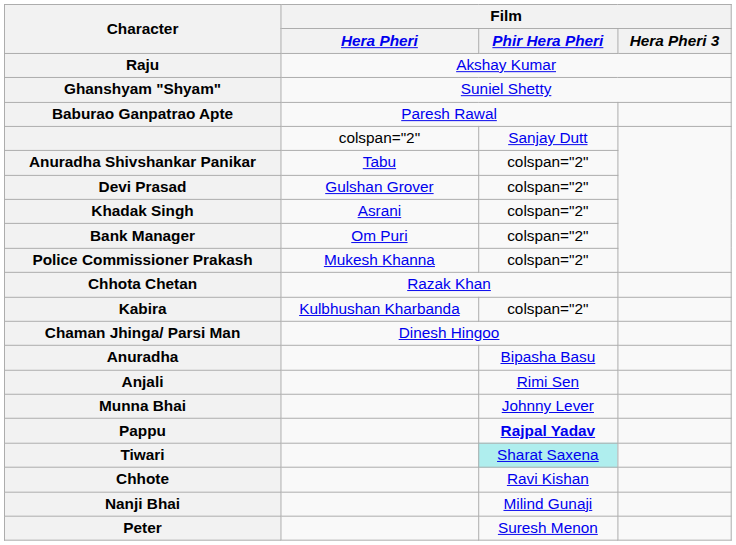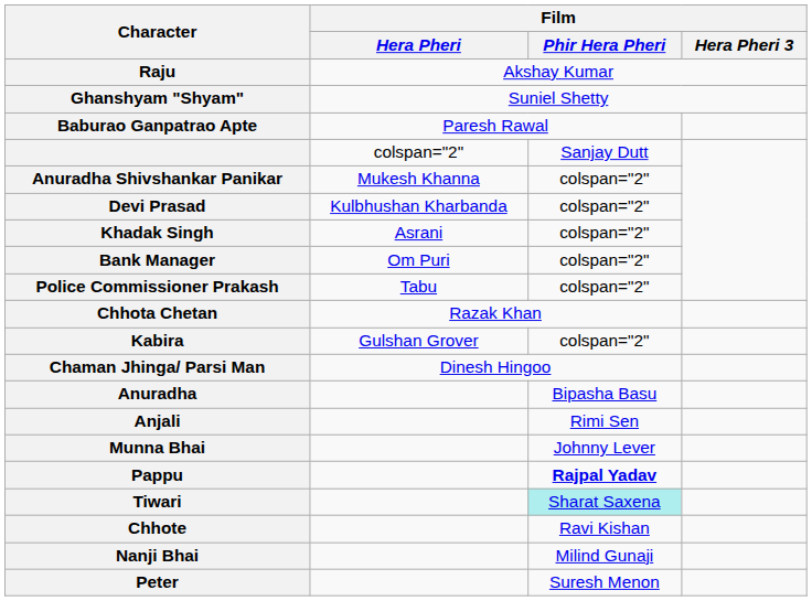 <table class="wikitable" style="text-align:center; width:60%;">
 <tr>
 <th rowspan="2">Character</th>
 <th colspan="3">Film</th>
 </tr>
 <tr>
 <th><em><a href='#'>Hera Pheri</a></em></th>
 <th><em><a href='#'>Phir Hera Pheri</a></em></th>
 <th><em>Hera Pheri 3</em></th>
 </tr>
 <tr>
 <th>Raju</th>
 <td colspan="3"><a href='#'>Akshay Kumar</a></td>
 </tr>
 <tr>
 <th>Ghanshyam "Shyam"</th>
 <td colspan="3"><a href='#'>Suniel Shetty</a></td>
 </tr>
 <tr>
 <th>Baburao Ganpatrao Apte</th>
 <td colspan="2"><a href='#'>Paresh Rawal</a></td>
 <td></td>
 </tr>
 <tr>
 <th></th>
 <td>colspan="2" </td>
 <td><a href='#'>Sanjay Dutt</a></td>
 </tr>
 <tr>
 <th>Anuradha Shivshankar Panikar</th>
-<td><a href='#'>Tabu</a></td>
+<td><a href='#'>Mukesh Khanna</a></td>
 <td>colspan="2" </td>
 </tr>
 <tr>
 <th>Devi Prasad</th>
-<td><a href='#'>Gulshan Grover</a></td>
+<td><a href='#'>Kulbhushan Kharbanda</a></td>
 <td>colspan="2" </td>
 </tr>
 <tr>
 <th>Khadak Singh</th>
 <td><a href='#'>Asrani</a></td>
 <td>colspan="2" </td>
 </tr>
 <tr>
 <th>Bank Manager</th>
 <td><a href='#'>Om Puri</a></td>
 <td>colspan="2" </td>
 </tr>
 <tr>
 <th>Police Commissioner Prakash</th>
-<td><a href='#'>Mukesh Khanna</a></td>
+<td><a href='#'>Tabu</a></td>
 <td>colspan="2" </td>
 </tr>
 <tr>
 <th>Chhota Chetan</th>
 <td colspan="2"><a href='#'>Razak Khan</a></td>
 <td></td>
 </tr>
 <tr>
 <th>Kabira</th>
-<td><a href='#'>Kulbhushan Kharbanda</a></td>
+<td><a href='#'>Gulshan Grover</a></td>
 <td>colspan="2" </td>
 </tr>
 <tr>
 <th>Chaman Jhinga/ Parsi Man</th>
 <td colspan="2"><a href='#'>Dinesh Hingoo</a></td>
 <td></td>
 </tr>
 <tr>
 <th>Anuradha</th>
 <td></td>
 <td><a href='#'>Bipasha Basu</a></td>
 <td></td>
 </tr>
 <tr>
 <th>Anjali</th>
 <td></td>
 <td><a href='#'>Rimi Sen</a></td>
 <td></td>
 </tr>
 <tr>
 <th>Munna Bhai</th>
 <td></td>
 <td><a href='#'>Johnny Lever</a></td>
 <td></td>
 </tr>
 <tr>
 <th>Pappu</th>
 <td></td>
 <td><strong><a href='#'>Rajpal Yadav</a></strong></td>
 <td></td>
 </tr>
 <tr>
 <th>Tiwari</th>
 <td></td>
 <td style="background: paleturquoise;"><a href='#'>Sharat Saxena</a></td>
 <td></td>
 </tr>
 <tr>
 <th>Chhote</th>
 <td></td>
 <td><a href='#'>Ravi Kishan</a></td>
 <td></td>
 </tr>
 <tr>
 <th>Nanji Bhai</th>
 <td></td>
 <td><a href='#'>Milind Gunaji</a></td>
 <td></td>
 </tr>
 <tr>
 <th>Peter</th>
 <td></td>
 <td><a href='#'>Suresh Menon</a></td>
 <td></td>
 </tr>
 </table>
